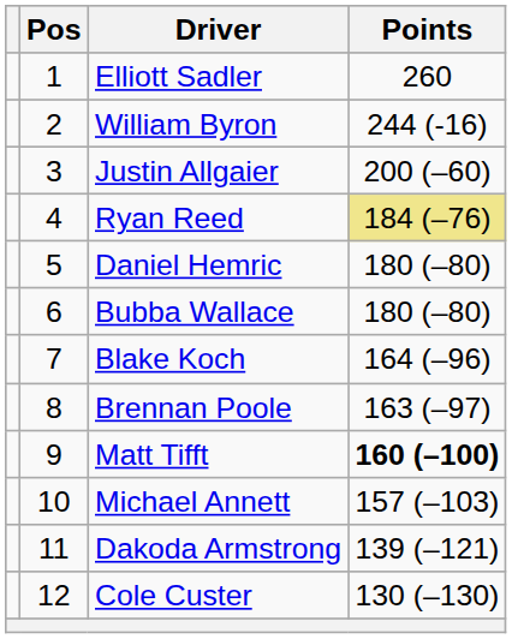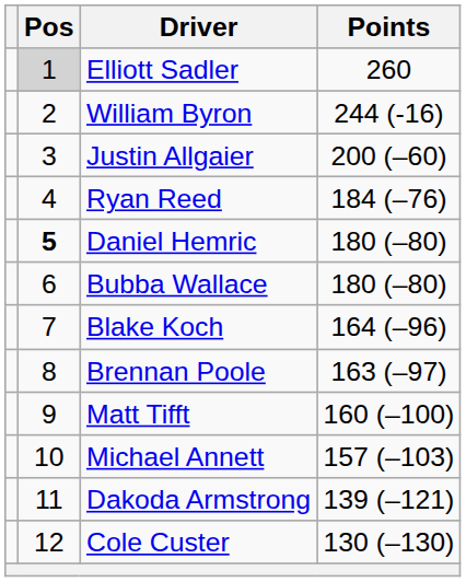 <table class="wikitable" style="font-size: 95%;">
 <tr>
 <th></th>
 <th>Pos</th>
 <th>Driver</th>
 <th>Points</th>
 </tr>
 <tr>
 <td align="left"></td>
-<td style="text-align:center;">1</td>
+<td style="background: lightgrey; text-align:center;">1</td>
 <td><a href='#'>Elliott Sadler</a></td>
 <td style="text-align:center;">260</td>
 </tr>
 <tr>
 <td align="left"></td>
 <td style="text-align:center;">2</td>
 <td><a href='#'>William Byron</a></td>
 <td style="text-align:center;">244 (-16)</td>
 </tr>
 <tr>
 <td align="left"></td>
 <td style="text-align:center;">3</td>
 <td><a href='#'>Justin Allgaier</a></td>
 <td style="text-align:center;">200 (–60)</td>
 </tr>
 <tr>
 <td align="left"></td>
 <td style="text-align:center;">4</td>
 <td><a href='#'>Ryan Reed</a></td>
-<td style="background: khaki; text-align:center;">184 (–76)</td>
+<td style="text-align:center;">184 (–76)</td>
 </tr>
 <tr>
 <td align="left"></td>
-<td style="text-align:center;">5</td>
+<td style="text-align:center;"><strong>5</strong></td>
 <td><a href='#'>Daniel Hemric</a></td>
 <td style="text-align:center;">180 (–80)</td>
 </tr>
 <tr>
 <td align="left"></td>
 <td style="text-align:center;">6</td>
 <td><a href='#'>Bubba Wallace</a></td>
 <td style="text-align:center;">180 (–80)</td>
 </tr>
 <tr>
 <td align="left"></td>
 <td style="text-align:center;">7</td>
 <td><a href='#'>Blake Koch</a></td>
 <td style="text-align:center;">164 (–96)</td>
 </tr>
 <tr>
 <td align="left"></td>
 <td style="text-align:center;">8</td>
 <td><a href='#'>Brennan Poole</a></td>
 <td style="text-align:center;">163 (–97)</td>
 </tr>
 <tr>
 <td align="left"></td>
 <td style="text-align:center;">9</td>
 <td><a href='#'>Matt Tifft</a></td>
-<td style="text-align:center;"><strong>160 (–100)</strong></td>
+<td style="text-align:center;">160 (–100)</td>
 </tr>
 <tr>
 <td align="left"></td>
 <td style="text-align:center;">10</td>
 <td><a href='#'>Michael Annett</a></td>
 <td style="text-align:center;">157 (–103)</td>
 </tr>
 <tr>
 <td align="left"></td>
 <td style="text-align:center;">11</td>
 <td><a href='#'>Dakoda Armstrong</a></td>
 <td style="text-align:center;">139 (–121)</td>
 </tr>
 <tr>
 <td align="left"></td>
 <td style="text-align:center;">12</td>
 <td><a href='#'>Cole Custer</a></td>
 <td style="text-align:center;">130 (–130)</td>
 </tr>
 <tr class="sortbottom">
 <th colspan="9"></th>
 </tr>
 </table>
